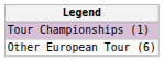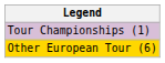 <table class="wikitable" style="font-size:95%;">
 <tr>
 <th>Legend</th>
 </tr>
 <tr style="background:thistle;">
 <td>Tour Championships (1)</td>
 </tr>
 <tr>
-<td>Other European Tour (6)</td>
+<td style="background: gold;">Other European Tour (6)</td>
 </tr>
 </table>
